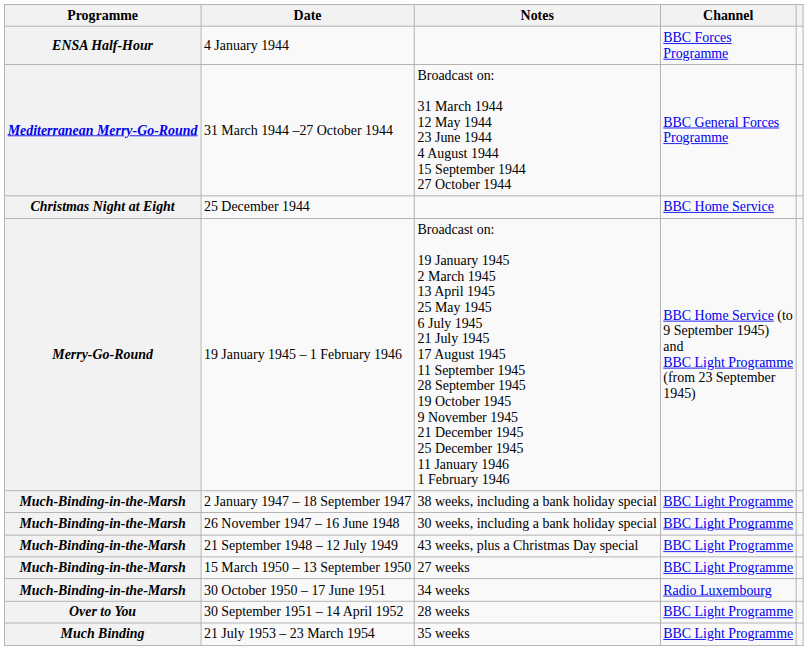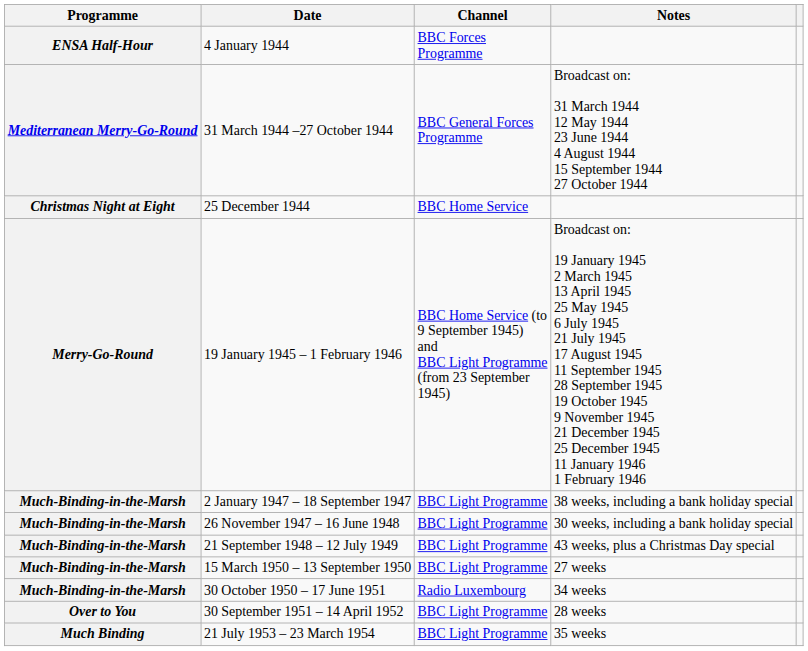 <table class="wikitable plainrowheaders" style="margin-right: 0;">
 <tr>
 <th scope="col">Programme</th>
 <th scope="col">Date</th>
+<th scope="col" style="width:6em;">Channel</th>
 <th scope="col" class="unsortable">Notes</th>
-<th scope="col" style="width:6em;">Channel</th>
 <th scope="col" class="unsortable"></th>
 </tr>
 <tr>
 <th scope="row"><em>ENSA Half-Hour</em></th>
 <td>4 January 1944</td>
+<td><a href='#'>BBC Forces Programme</a></td>
 <td></td>
-<td><a href='#'>BBC Forces Programme</a></td>
 <td></td>
 </tr>
 <tr>
 <th scope="row"><em><a href='#'>Mediterranean Merry-Go-Round</a></em></th>
 <td>31 March 1944 –27 October 1944</td>
+<td><a href='#'>BBC General Forces Programme</a></td>
 <td>Broadcast on:<br><br>31 March 1944<br> 12 May 1944<br> 23 June 1944<br> 4 August 1944<br> 15 September 1944<br> 27 October 1944</td>
-<td><a href='#'>BBC General Forces Programme</a></td>
 <td><br><br><br><br><br><br></td>
 </tr>
 <tr>
 <th scope="row"><em>Christmas Night at Eight</em></th>
 <td>25 December 1944</td>
+<td><a href='#'>BBC Home Service</a></td>
 <td></td>
-<td><a href='#'>BBC Home Service</a></td>
 <td></td>
 </tr>
 <tr>
 <th scope="row"><em>Merry-Go-Round</em></th>
 <td>19 January 1945 – 1 February 1946</td>
+<td><a href='#'>BBC Home Service</a> (to 9 September 1945)<br>and <a href='#'>BBC&nbsp;Light&nbsp;Programme</a> (from 23 September 1945)</td>
 <td>Broadcast on:<br><br>19 January 1945<br> 2 March 1945<br> 13 April 1945<br> 25 May 1945<br> 6 July 1945<br> 21 July 1945<br> 17 August 1945<br> 11 September 1945<br> 28 September 1945<br> 19 October 1945<br> 9 November 1945<br> 21 December 1945<br> 25 December 1945<br> 11 January 1946<br> 1 February 1946</td>
-<td><a href='#'>BBC Home Service</a> (to 9 September 1945)<br>and <a href='#'>BBC&nbsp;Light&nbsp;Programme</a> (from 23 September 1945)</td>
 <td><br><br><br><br><br><br><br><br><br><br><br><br><br><br><br></td>
 </tr>
 <tr>
 <th scope="row"><em>Much-Binding-in-the-Marsh</em></th>
 <td>2 January 1947 – 18 September 1947</td>
+<td><a href='#'>BBC Light Programme</a></td>
 <td>38 weeks, including a bank holiday special</td>
-<td><a href='#'>BBC Light Programme</a></td>
 <td></td>
 </tr>
 <tr>
 <th scope="row"><em>Much-Binding-in-the-Marsh</em></th>
 <td>26 November 1947 – 16 June 1948</td>
+<td><a href='#'>BBC Light Programme</a></td>
 <td>30 weeks, including a bank holiday special</td>
-<td><a href='#'>BBC Light Programme</a></td>
 <td></td>
 </tr>
 <tr>
 <th scope="row"><em>Much-Binding-in-the-Marsh</em></th>
 <td>21 September 1948 – 12 July 1949</td>
+<td><a href='#'>BBC Light Programme</a></td>
 <td>43 weeks, plus a Christmas Day special</td>
-<td><a href='#'>BBC Light Programme</a></td>
 <td></td>
 </tr>
 <tr>
 <th scope="row"><em>Much-Binding-in-the-Marsh</em></th>
 <td>15 March 1950 – 13 September 1950</td>
+<td><a href='#'>BBC Light Programme</a></td>
 <td>27 weeks</td>
-<td><a href='#'>BBC Light Programme</a></td>
 <td></td>
 </tr>
 <tr>
 <th scope="row"><em>Much-Binding-in-the-Marsh</em></th>
 <td>30 October 1950 – 17 June 1951</td>
+<td><a href='#'>Radio Luxembourg</a></td>
 <td>34 weeks</td>
-<td><a href='#'>Radio Luxembourg</a></td>
 <td></td>
 </tr>
 <tr>
 <th scope="row"><em>Over to You</em></th>
 <td>30 September 1951 – 14 April 1952</td>
+<td><a href='#'>BBC Light Programme</a></td>
 <td>28 weeks</td>
-<td><a href='#'>BBC Light Programme</a></td>
 <td></td>
 </tr>
 <tr>
 <th scope="row"><em>Much Binding</em></th>
 <td>21 July 1953 – 23 March 1954</td>
+<td><a href='#'>BBC Light Programme</a></td>
 <td>35 weeks</td>
-<td><a href='#'>BBC Light Programme</a></td>
 <td></td>
 </tr>
 </table>
